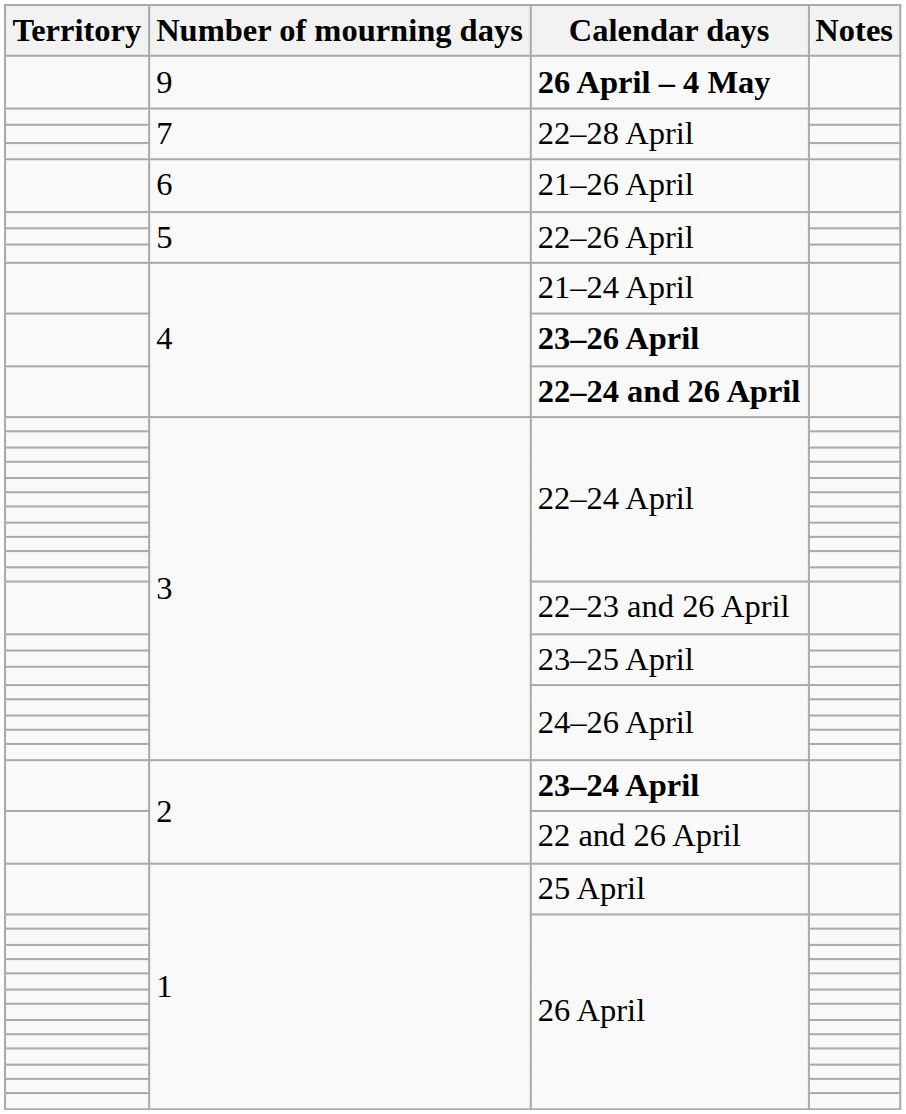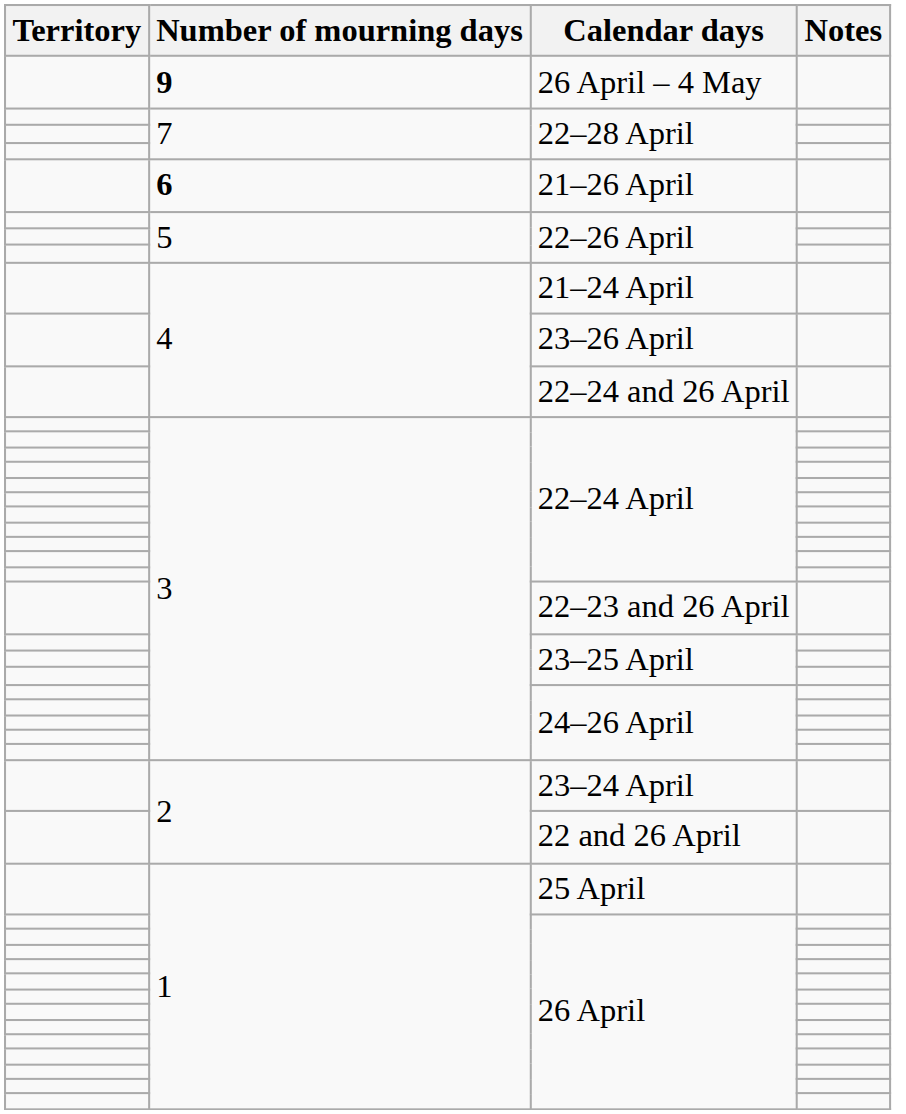 <table class="wikitable sortable">
 <tr>
 <th>Territory</th>
 <th>Number of mourning days</th>
 <th>Calendar days</th>
 <th>Notes</th>
 </tr>
 <tr>
 <td></td>
-<td>9</td>
-<td><strong>26 April – 4 May</strong></td>
+<td><strong>9</strong></td>
+<td>26 April – 4 May</td>
 <td></td>
 </tr>
 <tr>
 <td></td>
 <td rowspan="3">7</td>
 <td rowspan="3">22–28 April</td>
 <td></td>
 </tr>
 <tr>
 <td></td>
 <td></td>
 </tr>
 <tr>
 <td></td>
 <td></td>
 </tr>
 <tr>
 <td></td>
-<td>6</td>
+<td><strong>6</strong></td>
 <td>21–26 April</td>
 <td></td>
 </tr>
 <tr>
 <td></td>
 <td rowspan=3>5</td>
 <td rowspan=3>22–26 April</td>
 <td></td>
 </tr>
 <tr>
 <td></td>
 <td></td>
 </tr>
 <tr>
 <td></td>
 <td></td>
 </tr>
 <tr>
 <td></td>
 <td rowspan="3">4</td>
 <td>21–24 April</td>
 <td></td>
 </tr>
 <tr>
 <td></td>
-<td><strong>23–26 April</strong></td>
+<td>23–26 April</td>
 <td></td>
 </tr>
 <tr>
 <td></td>
-<td><strong>22–24 and 26 April</strong></td>
+<td>22–24 and 26 April</td>
 <td></td>
 </tr>
 <tr>
 <td></td>
 <td rowspan="20">3</td>
 <td rowspan="11">22–24 April</td>
 <td></td>
 </tr>
 <tr>
 <td></td>
 <td></td>
 </tr>
 <tr>
 <td></td>
 <td></td>
 </tr>
 <tr>
 <td></td>
 <td></td>
 </tr>
 <tr>
 <td></td>
 <td></td>
 </tr>
 <tr>
 <td></td>
 <td></td>
 </tr>
 <tr>
 <td></td>
 <td></td>
 </tr>
 <tr>
 <td></td>
 <td></td>
 </tr>
 <tr>
 <td></td>
 <td></td>
 </tr>
 <tr>
 <td></td>
 <td></td>
 </tr>
 <tr>
 <td></td>
 <td></td>
 </tr>
 <tr>
 <td></td>
 <td>22–23 and 26 April</td>
 <td></td>
 </tr>
 <tr>
 <td></td>
 <td rowspan="3">23–25 April</td>
 <td></td>
 </tr>
 <tr>
 <td></td>
 <td></td>
 </tr>
 <tr>
 <td></td>
 <td></td>
 </tr>
 <tr>
 <td></td>
 <td rowspan="5">24–26 April</td>
 <td></td>
 </tr>
 <tr>
 <td></td>
 <td></td>
 </tr>
 <tr>
 <td></td>
 <td></td>
 </tr>
 <tr>
 <td></td>
 <td></td>
 </tr>
 <tr>
 <td></td>
 <td></td>
 </tr>
 <tr>
 <td></td>
 <td rowspan="2">2</td>
-<td><strong>23–24 April</strong></td>
+<td>23–24 April</td>
 <td></td>
 </tr>
 <tr>
 <td></td>
 <td>22 and 26 April</td>
 <td></td>
 </tr>
 <tr>
 <td></td>
 <td rowspan="14">1</td>
 <td>25 April</td>
 <td></td>
 </tr>
 <tr>
 <td></td>
 <td rowspan="13">26 April</td>
 <td></td>
 </tr>
 <tr>
 <td></td>
 <td></td>
 </tr>
 <tr>
 <td></td>
 <td></td>
 </tr>
 <tr>
 <td></td>
 <td></td>
 </tr>
 <tr>
 <td></td>
 <td></td>
 </tr>
 <tr>
 <td></td>
 <td></td>
 </tr>
 <tr>
 <td></td>
 <td></td>
 </tr>
 <tr>
 <td></td>
 <td></td>
 </tr>
 <tr>
 <td></td>
 <td></td>
 </tr>
 <tr>
 <td></td>
 <td></td>
 </tr>
 <tr>
 <td></td>
 <td></td>
 </tr>
 <tr>
 <td></td>
 <td></td>
 </tr>
 <tr>
 <td></td>
 <td></td>
 </tr>
 </table>
